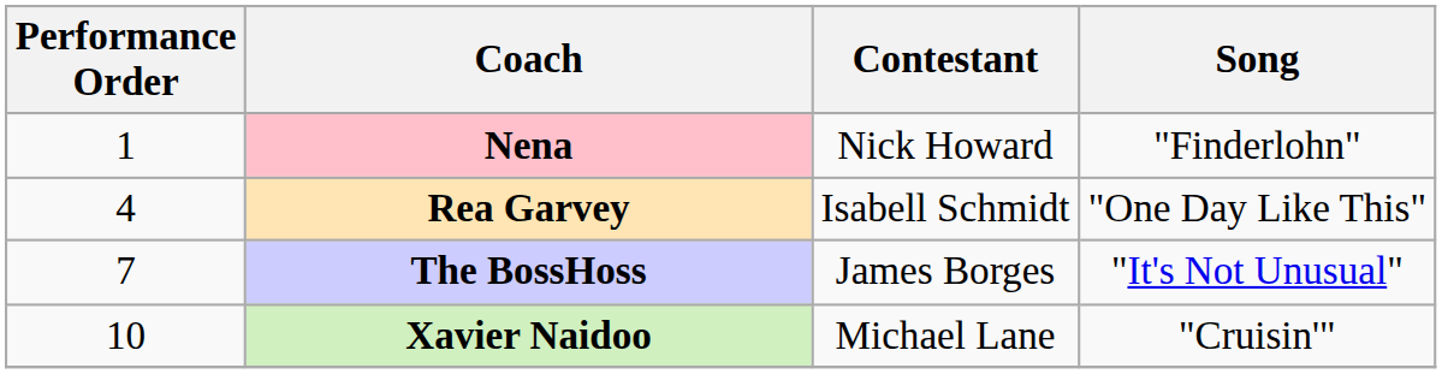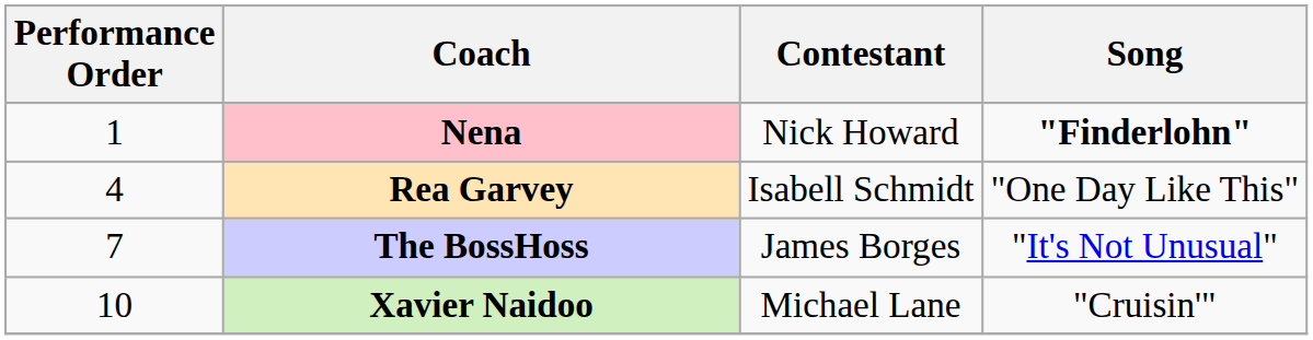 <table class="wikitable sortable" style="text-align: center; width: auto;">
 <tr class="hintergrundfarbe5">
 <th>Performance <br>Order</th>
 <th>Coach</th>
 <th>Contestant</th>
 <th>Song</th>
 </tr>
 <tr>
 <td>1</td>
 <th style="background-color:pink" width="220px">Nena</th>
 <td>Nick Howard</td>
-<td>"Finderlohn"</td>
+<td><strong>"Finderlohn"</strong></td>
 </tr>
 <tr>
 <td>4</td>
 <th style="background-color:#ffe5b4" width="220px">Rea Garvey</th>
 <td>Isabell Schmidt</td>
 <td>"One Day Like This"</td>
 </tr>
 <tr>
 <td>7</td>
 <th style="background-color:#ccf" width="220px">The BossHoss</th>
 <td>James Borges</td>
 <td>"<a href='#'>It's Not Unusual</a>"</td>
 </tr>
 <tr>
 <td>10</td>
 <th style="background-color:#d0f0c0" width="220px">Xavier Naidoo</th>
 <td>Michael Lane</td>
 <td>"Cruisin'"</td>
 </tr>
 <tr>
 </tr>
 </table>
